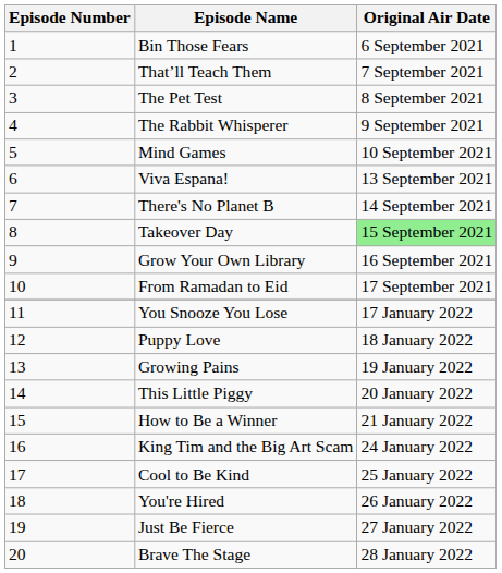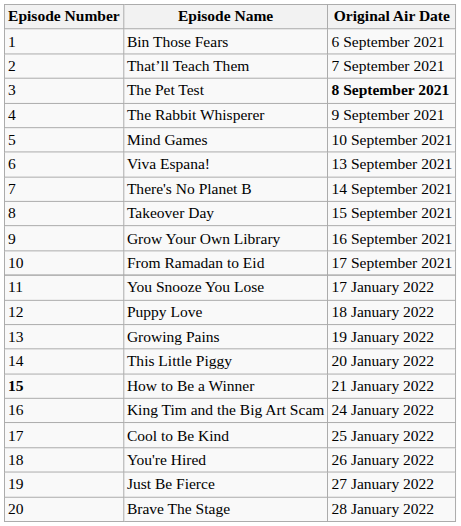 <table class="wikitable">
 <tr>
 <th>Episode Number</th>
 <th>Episode Name</th>
 <th>Original Air Date</th>
 </tr>
 <tr>
 <td>1</td>
 <td>Bin Those Fears</td>
 <td>6 September 2021</td>
 </tr>
 <tr>
 <td>2</td>
 <td>That’ll Teach Them</td>
 <td>7 September 2021</td>
 </tr>
 <tr>
 <td>3</td>
 <td>The Pet Test</td>
-<td>8 September 2021</td>
+<td><strong>8 September 2021</strong></td>
 </tr>
 <tr>
 <td>4</td>
 <td>The Rabbit Whisperer</td>
 <td>9 September 2021</td>
 </tr>
 <tr>
 <td>5</td>
 <td>Mind Games</td>
 <td>10 September 2021</td>
 </tr>
 <tr>
 <td>6</td>
 <td>Viva Espana!</td>
 <td>13 September 2021</td>
 </tr>
 <tr>
 <td>7</td>
 <td>There's No Planet B</td>
 <td>14 September 2021</td>
 </tr>
 <tr>
 <td>8</td>
 <td>Takeover Day</td>
-<td style="background: lightgreen;">15 September 2021</td>
+<td>15 September 2021</td>
 </tr>
 <tr>
 <td>9</td>
 <td>Grow Your Own Library</td>
 <td>16 September 2021</td>
 </tr>
 <tr>
 <td>10</td>
 <td>From Ramadan to Eid</td>
 <td>17 September 2021</td>
 </tr>
 <tr>
 </tr>
 <tr>
 <td>11</td>
 <td>You Snooze You Lose</td>
 <td>17 January 2022</td>
 </tr>
 <tr>
 <td>12</td>
 <td>Puppy Love</td>
 <td>18 January 2022</td>
 </tr>
 <tr>
 <td>13</td>
 <td>Growing Pains</td>
 <td>19 January 2022</td>
 </tr>
 <tr>
 <td>14</td>
 <td>This Little Piggy</td>
 <td>20 January 2022</td>
 </tr>
 <tr>
-<td>15</td>
+<td><strong>15</strong></td>
 <td>How to Be a Winner</td>
 <td>21 January 2022</td>
 </tr>
 <tr>
 <td>16</td>
 <td>King Tim and the Big Art Scam</td>
 <td>24 January 2022</td>
 </tr>
 <tr>
 <td>17</td>
 <td>Cool to Be Kind</td>
 <td>25 January 2022</td>
 </tr>
 <tr>
 <td>18</td>
 <td>You're Hired</td>
 <td>26 January 2022</td>
 </tr>
 <tr>
 <td>19</td>
 <td>Just Be Fierce</td>
 <td>27 January 2022</td>
 </tr>
 <tr>
 <td>20</td>
 <td>Brave The Stage</td>
 <td>28 January 2022</td>
 </tr>
 </table>
